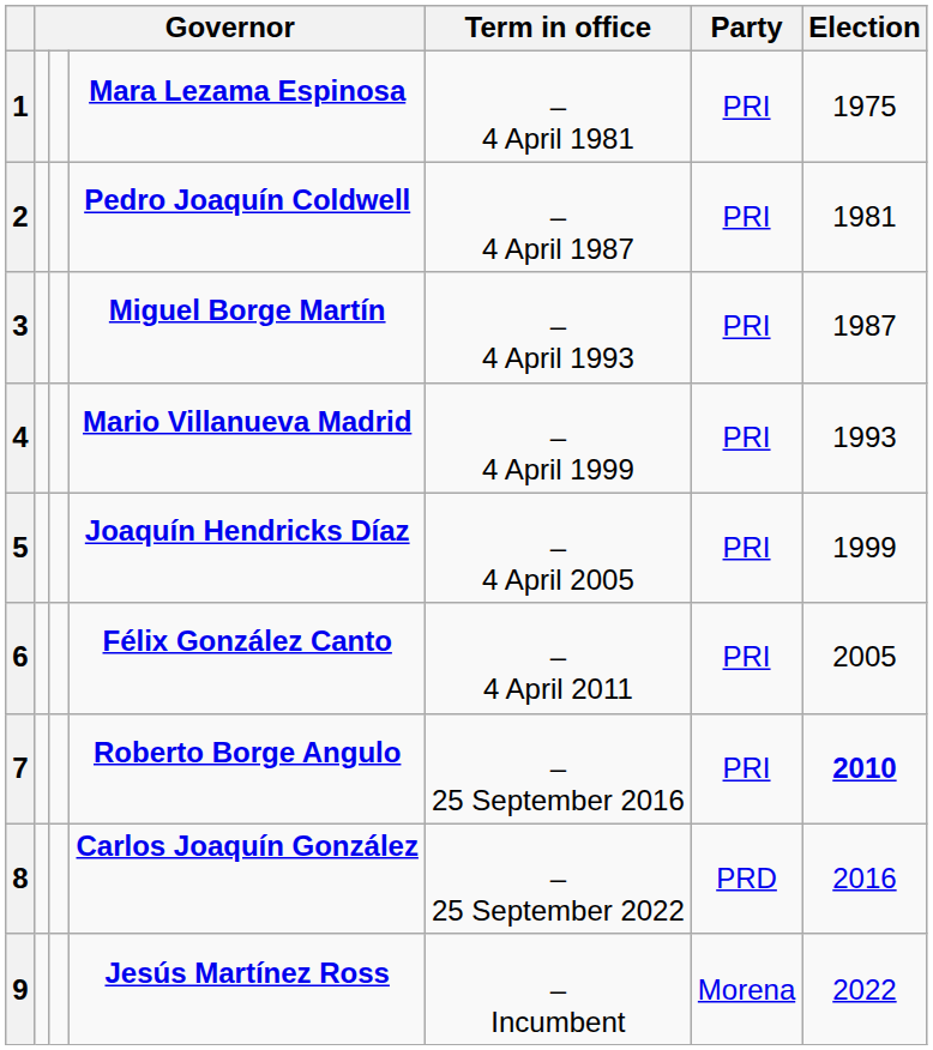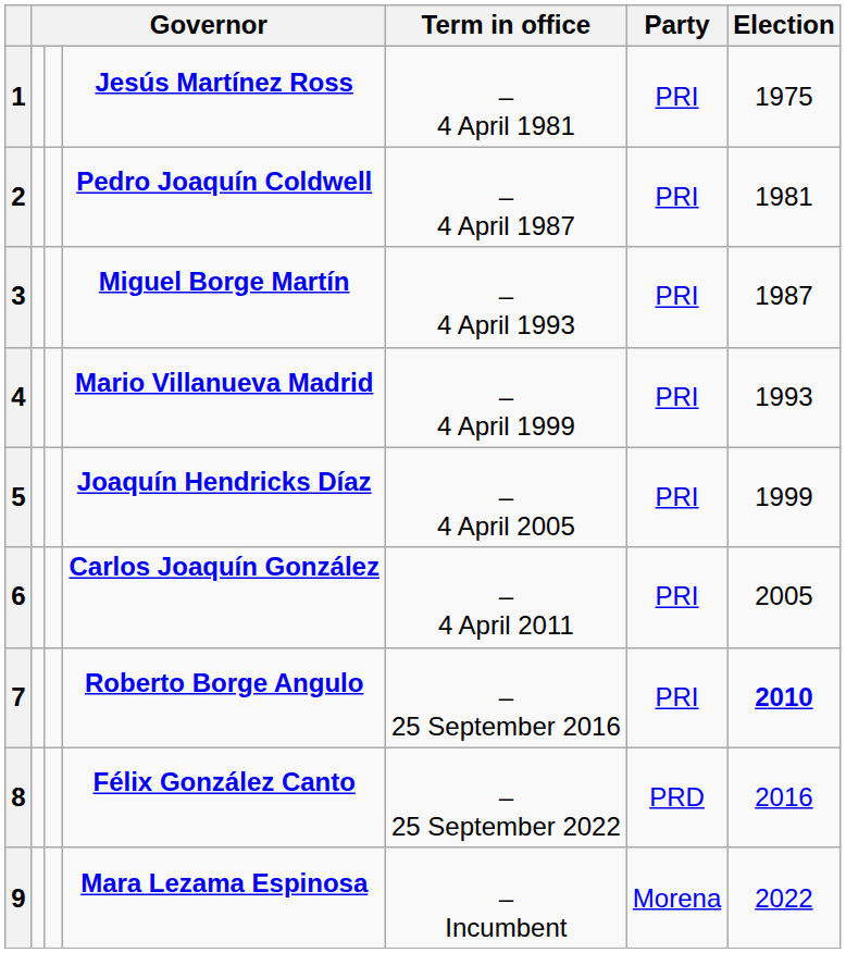 <table class="wikitable sortable mw-collapsible sticky-header-multi" style="text-align:center;">
 <tr>
 <th scope="col" data-sort-type="number"></th>
 <th scope="colgroup" colspan="3">Governor</th>
 <th scope="col">Term in office</th>
 <th scope="col">Party</th>
 <th scope="col">Election</th>
 </tr>
 <tr style="height:2em;">
 <th scope="row">1</th>
 <td data-sort-value="Martínez Ross, Jesús"></td>
 <td style="background: "> </td>
-<td><strong><a href='#'>Mara Lezama Espinosa</a></strong><br><br></td>
+<td><strong><a href='#'>Jesús Martínez Ross</a></strong><br><br></td>
 <td><br>–<br>4 April 1981</td>
 <td><a href='#'>PRI</a></td>
 <td>1975</td>
 </tr>
 <tr style="height:2em;">
 <th scope="row">2</th>
 <td data-sort-value="Joaquín Coldwell, Pedro"></td>
 <td style="background: "> </td>
 <td><strong><a href='#'>Pedro Joaquín Coldwell</a></strong><br><br></td>
 <td><br>–<br>4 April 1987</td>
 <td><a href='#'>PRI</a></td>
 <td>1981</td>
 </tr>
 <tr style="height:2em;">
 <th scope="row">3</th>
 <td data-sort-value="Borge Martín, Miguel"></td>
 <td style="background: "> </td>
 <td><strong><a href='#'>Miguel Borge Martín</a></strong><br><br></td>
 <td><br>–<br>4 April 1993</td>
 <td><a href='#'>PRI</a></td>
 <td>1987</td>
 </tr>
 <tr style="height:2em;">
 <th scope="row">4</th>
 <td data-sort-value="Villanueva Madrid, Mario"></td>
 <td style="background: "> </td>
 <td><strong><a href='#'>Mario Villanueva Madrid</a></strong><br><br></td>
 <td><br>–<br>4 April 1999</td>
 <td><a href='#'>PRI</a></td>
 <td>1993</td>
 </tr>
 <tr style="height:2em;">
 <th scope="row">5</th>
 <td data-sort-value="Hendricks Díaz, Joaquín"></td>
 <td style="background: "> </td>
 <td><strong><a href='#'>Joaquín Hendricks Díaz</a></strong><br><br></td>
 <td><br>–<br>4 April 2005</td>
 <td><a href='#'>PRI</a></td>
 <td>1999</td>
 </tr>
 <tr style="height:2em;">
 <th scope="row">6</th>
 <td data-sort-value="González Canto, Félix"></td>
 <td style="background: "> </td>
-<td><strong><a href='#'>Félix González Canto</a></strong><br><br></td>
+<td><strong><a href='#'>Carlos Joaquín González</a></strong><br><br><br></td>
 <td><br>–<br>4 April 2011</td>
 <td><a href='#'>PRI</a></td>
 <td>2005</td>
 </tr>
 <tr style="height:2em;">
 <th scope="row">7</th>
 <td data-sort-value="Borge Angulo, Roberto"></td>
 <td style="background: "> </td>
 <td><strong><a href='#'>Roberto Borge Angulo</a></strong><br><br></td>
 <td><br>–<br>25 September 2016</td>
 <td><a href='#'>PRI</a></td>
 <td><strong><a href='#'>2010</a></strong></td>
 </tr>
 <tr style="height:2em;">
 <th scope="row">8</th>
 <td data-sort-value="Joaquín González, Carlos"></td>
 <td style="background: "> </td>
-<td><strong><a href='#'>Carlos Joaquín González</a></strong><br><br><br></td>
+<td><strong><a href='#'>Félix González Canto</a></strong><br><br></td>
 <td><br>–<br>25 September 2022</td>
 <td><a href='#'>PRD</a></td>
 <td><a href='#'>2016</a></td>
 </tr>
 <tr style="height:2em;">
 <th scope="row">9</th>
 <td data-sort-value="Lezama Espinosa, Mara"></td>
 <td style="background: "> </td>
-<td><strong><a href='#'>Jesús Martínez Ross</a></strong><br><br></td>
+<td><strong><a href='#'>Mara Lezama Espinosa</a></strong><br><br></td>
 <td><br>–<br>Incumbent</td>
 <td><a href='#'>Morena</a></td>
 <td><a href='#'>2022</a></td>
 </tr>
 </table>
